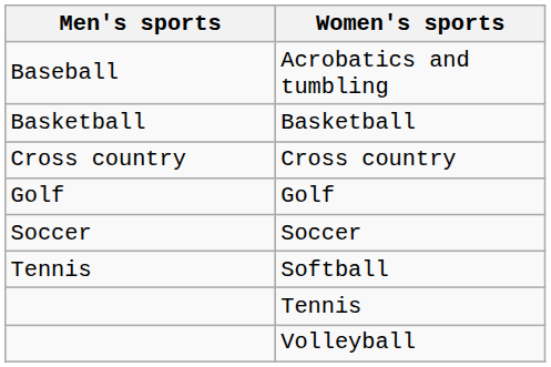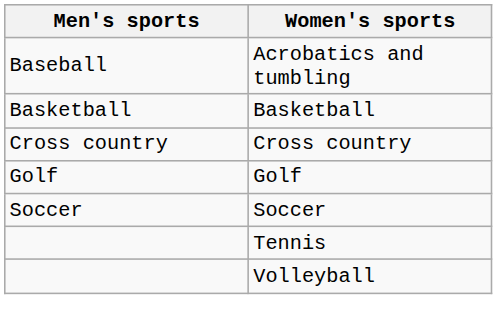 <table class="wikitable"; style= "text-align: ">
 <tr>
 <th width=150px>Men's sports</th>
 <th width=150px>Women's sports</th>
 </tr>
 <tr>
 <td>Baseball</td>
 <td>Acrobatics and tumbling</td>
 </tr>
 <tr>
 <td>Basketball</td>
 <td>Basketball</td>
 </tr>
 <tr>
 <td>Cross country</td>
 <td>Cross country</td>
 </tr>
 <tr>
 <td>Golf</td>
 <td>Golf</td>
 </tr>
 <tr>
 <td>Soccer</td>
 <td>Soccer</td>
 </tr>
 <tr>
-<td>Tennis</td>
-<td>Softball</td>
-</tr>
-<tr>
 <td></td>
 <td>Tennis</td>
 </tr>
 <tr>
 <td></td>
 <td>Volleyball</td>
 </tr>
 </table>
